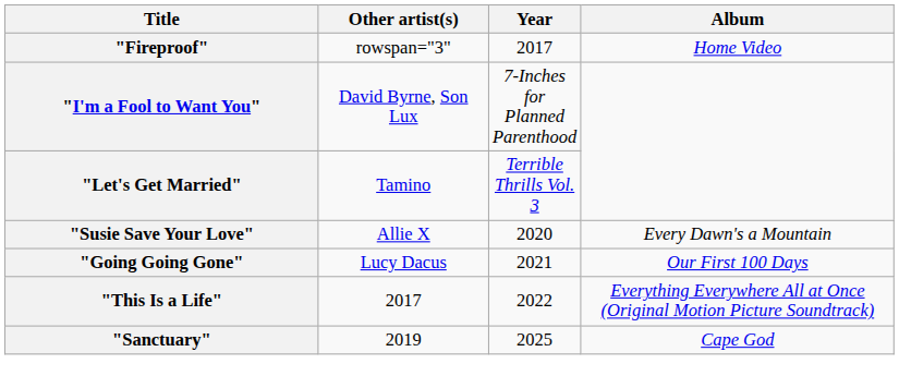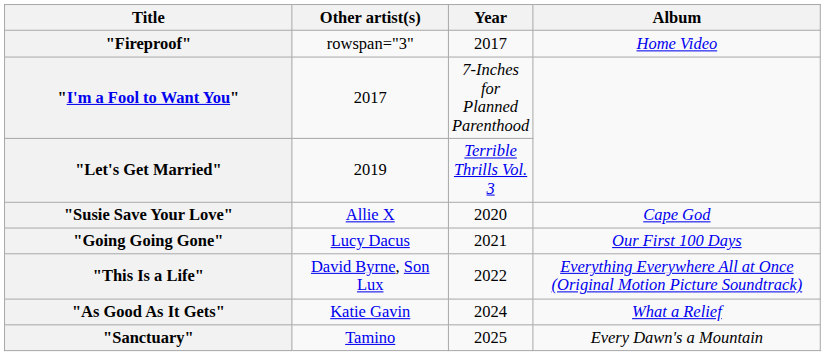 <table class="wikitable plainrowheaders" style="text-align:center">
 <tr>
 <th scope="col" style="width:17em;">Title</th>
 <th scope="col" style="width:9em;">Other artist(s)</th>
 <th scope="col" style="width:1em;">Year</th>
 <th scope="col" style="width:17em;">Album</th>
 </tr>
 <tr>
 <th scope="row">"Fireproof"<br></th>
 <td>rowspan="3" </td>
 <td>2017</td>
 <td><em><a href='#'>Home Video</a></em></td>
 </tr>
 <tr>
 <th scope="row">"<a href='#'>I'm a Fool to Want You</a>"<br></th>
-<td><a href='#'>David Byrne</a>, <a href='#'>Son Lux</a></td>
+<td>2017</td>
 <td><em>7-Inches for Planned Parenthood</em></td>
 </tr>
 <tr>
 <th scope="row">"Let's Get Married"</th>
-<td><a href='#'>Tamino</a></td>
+<td>2019</td>
 <td><em><a href='#'>Terrible Thrills Vol. 3</a></em></td>
 </tr>
 <tr>
 <th scope="row">"Susie Save Your Love"</th>
 <td><a href='#'>Allie X</a></td>
 <td>2020</td>
-<td><em>Every Dawn's a Mountain </em></td>
+<td><em><a href='#'>Cape God</a></em></td>
 </tr>
 <tr>
 <th scope="row">"Going Going Gone"</th>
 <td><a href='#'>Lucy Dacus</a></td>
 <td>2021</td>
 <td><em><a href='#'>Our First 100 Days</a></em></td>
 </tr>
 <tr>
 <th scope="row">"This Is a Life"</th>
-<td>2017</td>
+<td><a href='#'>David Byrne</a>, <a href='#'>Son Lux</a></td>
 <td>2022</td>
 <td><em><a href='#'>Everything Everywhere All at Once (Original Motion Picture Soundtrack)</a></em></td>
 </tr>
 <tr>
+<th scope="row">"As Good As It Gets"</th>
+<td><a href='#'>Katie Gavin</a></td>
+<td>2024</td>
+<td><em> <a href='#'>What a Relief</a></em></td>
+</tr>
+<tr>
 <th scope="row">"Sanctuary"</th>
-<td>2019</td>
+<td><a href='#'>Tamino</a></td>
 <td>2025</td>
-<td><em><a href='#'>Cape God</a></em></td>
+<td><em>Every Dawn's a Mountain </em></td>
 </tr>
 </table>
